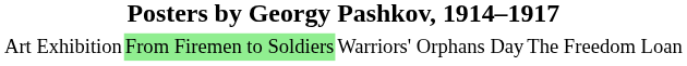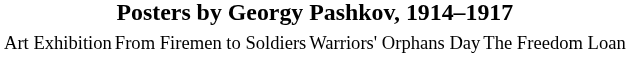 <table style="border-collapse:collapse" align="center" class="standard">
 <tr>
 <th colspan=4>Posters by Georgy Pashkov, 1914–1917</th>
 </tr>
 <tr>
 <td></td>
 <td></td>
 <td></td>
 <td></td>
 </tr>
 <tr style="text-align:center; font-size:78%">
 <td>Art Exhibition</td>
-<td style="background: lightgreen;">From Firemen to Soldiers</td>
+<td>From Firemen to Soldiers</td>
 <td>Warriors' Orphans Day</td>
 <td>The Freedom Loan</td>
 </tr>
 </table>
